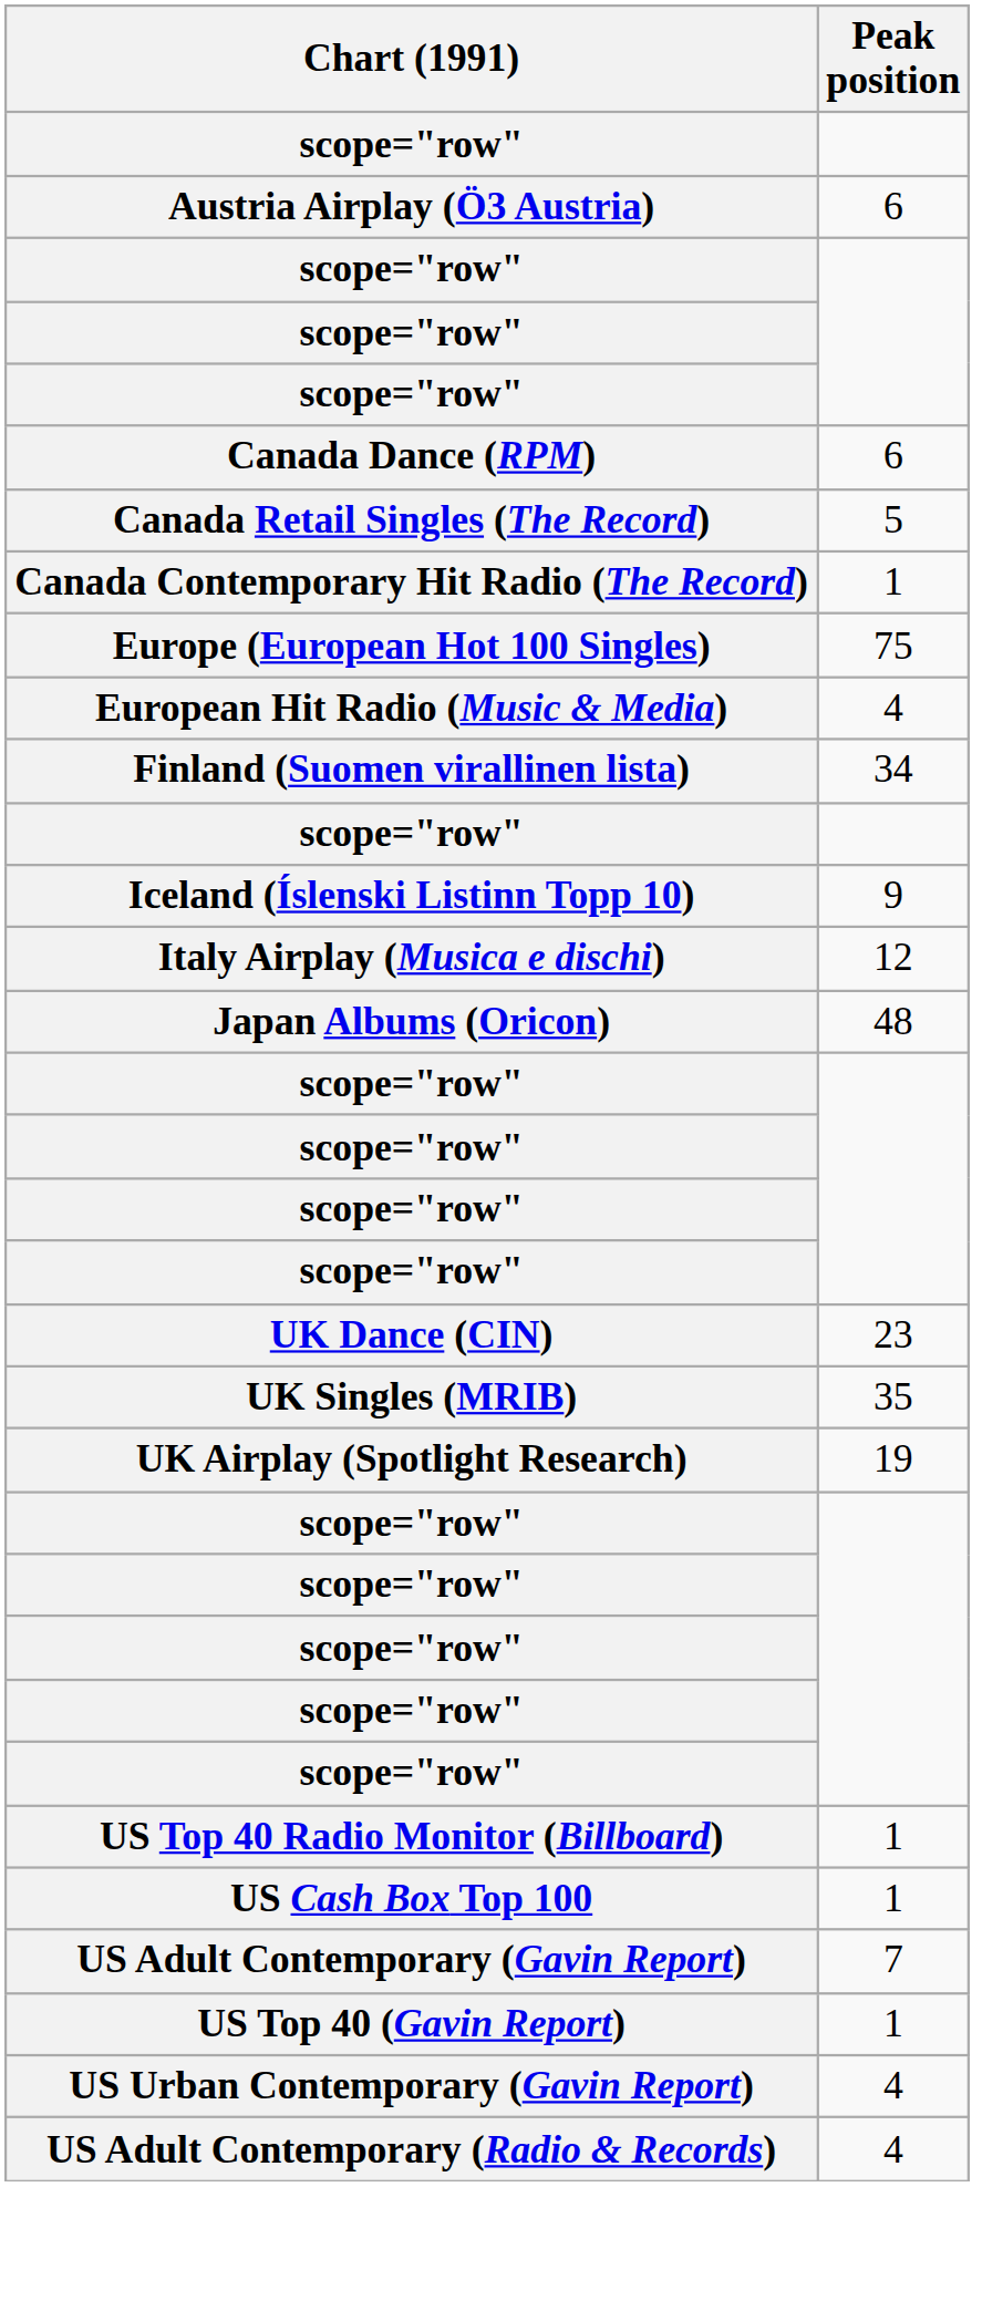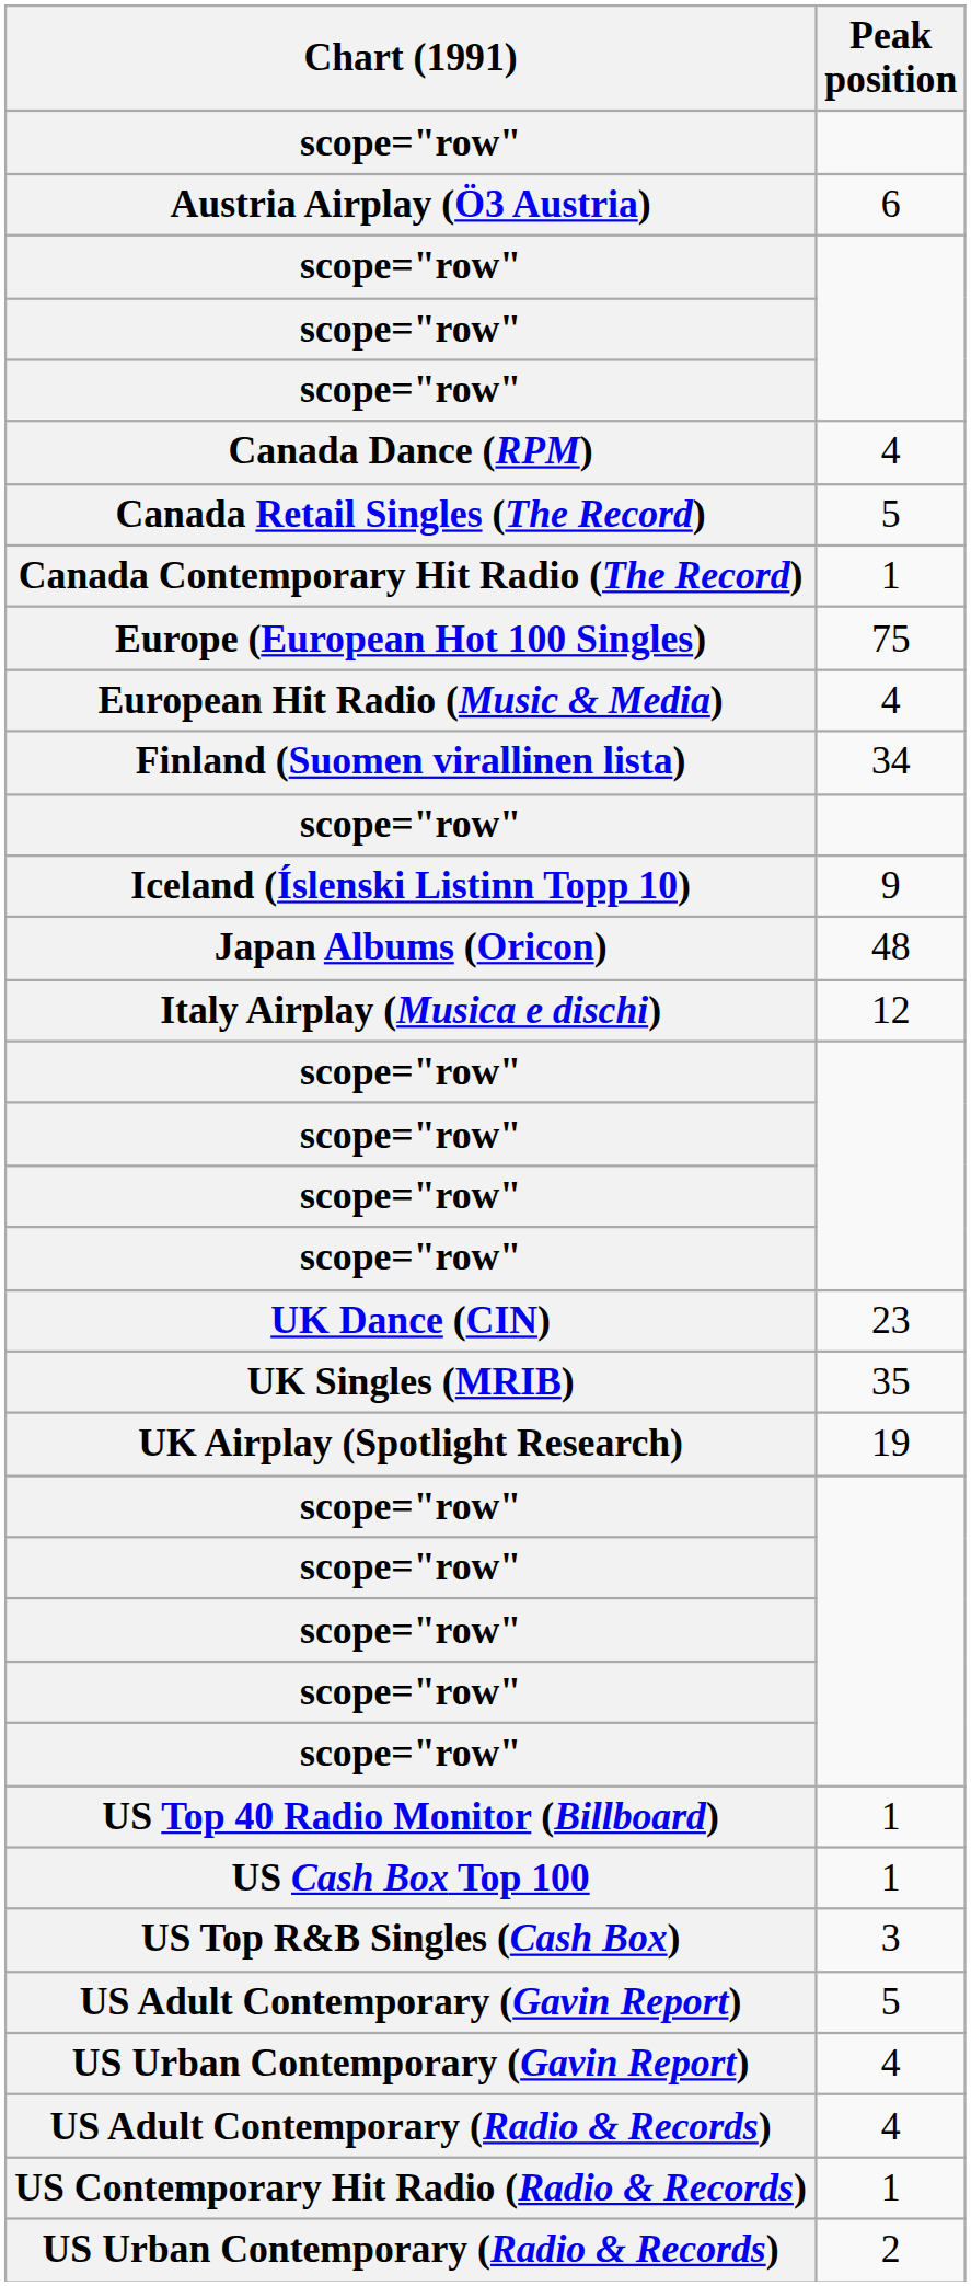 <table class="wikitable sortable plainrowheaders" style="text-align:center;">
 <tr>
 <th scope="col">Chart (1991)</th>
 <th scope="col">Peak<br>position</th>
 </tr>
 <tr>
 <th>scope="row" </th>
 </tr>
 <tr>
 <th scope="row">Austria Airplay (<a href='#'>Ö3 Austria</a>)</th>
 <td>6</td>
 </tr>
 <tr>
 <th>scope="row" </th>
 </tr>
 <tr>
 <th>scope="row" </th>
 </tr>
 <tr>
 <th>scope="row" </th>
 </tr>
 <tr>
 <th scope="row">Canada Dance (<em><a href='#'>RPM</a></em>)</th>
-<td>6</td>
+<td>4</td>
 </tr>
 <tr>
 <th scope="row">Canada <a href='#'>Retail Singles</a> (<em><a href='#'>The Record</a></em>)</th>
 <td>5</td>
 </tr>
 <tr>
 <th scope="row">Canada Contemporary Hit Radio (<em><a href='#'>The Record</a></em>)</th>
 <td>1</td>
 </tr>
 <tr>
 <th scope="row">Europe (<a href='#'>European Hot 100 Singles</a>)</th>
 <td>75</td>
 </tr>
 <tr>
 <th scope="row">European Hit Radio (<em><a href='#'>Music & Media</a></em>)</th>
 <td>4</td>
 </tr>
 <tr>
 <th scope="row">Finland (<a href='#'>Suomen virallinen lista</a>)</th>
 <td>34</td>
 </tr>
 <tr>
 <th>scope="row" </th>
 </tr>
 <tr>
 <th scope="row">Iceland (<a href='#'>Íslenski Listinn Topp 10</a>)</th>
 <td>9</td>
 </tr>
 <tr>
+<th scope="row">Japan <a href='#'>Albums</a> (<a href='#'>Oricon</a>)<br></th>
+<td>48</td>
+</tr>
+<tr>
 <th scope="row">Italy Airplay (<em><a href='#'>Musica e dischi</a></em>)</th>
 <td>12</td>
-</tr>
-<tr>
-<th scope="row">Japan <a href='#'>Albums</a> (<a href='#'>Oricon</a>)<br></th>
-<td>48</td>
 </tr>
 <tr>
 <th>scope="row" </th>
 </tr>
 <tr>
 <th>scope="row" </th>
 </tr>
 <tr>
 <th>scope="row" </th>
 </tr>
 <tr>
 <th>scope="row" </th>
 </tr>
 <tr>
 <th scope="row"><a href='#'>UK Dance</a> (<a href='#'>CIN</a>)</th>
 <td>23</td>
 </tr>
 <tr>
 <th scope="row">UK Singles (<a href='#'>MRIB</a>)</th>
 <td>35</td>
 </tr>
 <tr>
 <th scope="row">UK Airplay (Spotlight Research)</th>
 <td>19</td>
 </tr>
 <tr>
 <th>scope="row" </th>
 </tr>
 <tr>
 <th>scope="row" </th>
 </tr>
 <tr>
 <th>scope="row" </th>
 </tr>
 <tr>
 <th>scope="row" </th>
 </tr>
 <tr>
 <th>scope="row" </th>
 </tr>
 <tr>
 <th scope="row">US <a href='#'>Top 40 Radio Monitor</a> (<em><a href='#'>Billboard</a></em>)</th>
 <td>1</td>
 </tr>
 <tr>
 <th scope="row">US <a href='#'><em>Cash Box</em> Top 100</a></th>
 <td>1</td>
 </tr>
 <tr>
-<th scope="row">US Adult Contemporary (<em><a href='#'>Gavin Report</a></em>)</th>
-<td>7</td>
+<th scope="row">US Top R&B Singles (<em><a href='#'>Cash Box</a></em>)</th>
+<td>3</td>
 </tr>
 <tr>
-<th scope="row">US Top 40 (<em><a href='#'>Gavin Report</a></em>)</th>
-<td>1</td>
+<th scope="row">US Adult Contemporary (<em><a href='#'>Gavin Report</a></em>)</th>
+<td>5</td>
 </tr>
 <tr>
 <th scope="row">US Urban Contemporary (<em><a href='#'>Gavin Report</a></em>)</th>
 <td>4</td>
 </tr>
 <tr>
 <th scope="row">US Adult Contemporary (<em><a href='#'>Radio & Records</a></em>)</th>
 <td>4</td>
 </tr>
+<tr>
+<th scope="row">US Contemporary Hit Radio (<em><a href='#'>Radio & Records</a></em>)</th>
+<td>1</td>
+</tr>
+<tr>
+<th scope="row">US Urban Contemporary (<em><a href='#'>Radio & Records</a></em>)</th>
+<td>2</td>
+</tr>
 </table>
